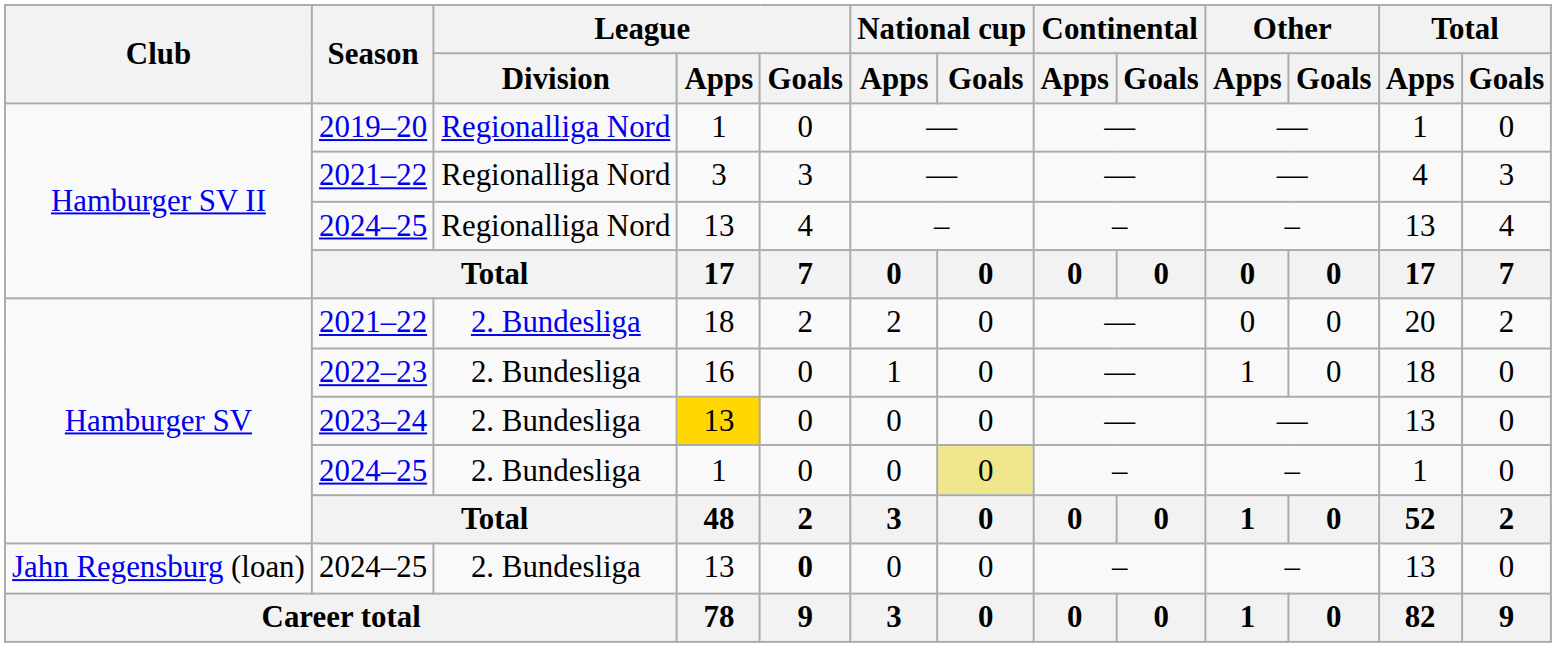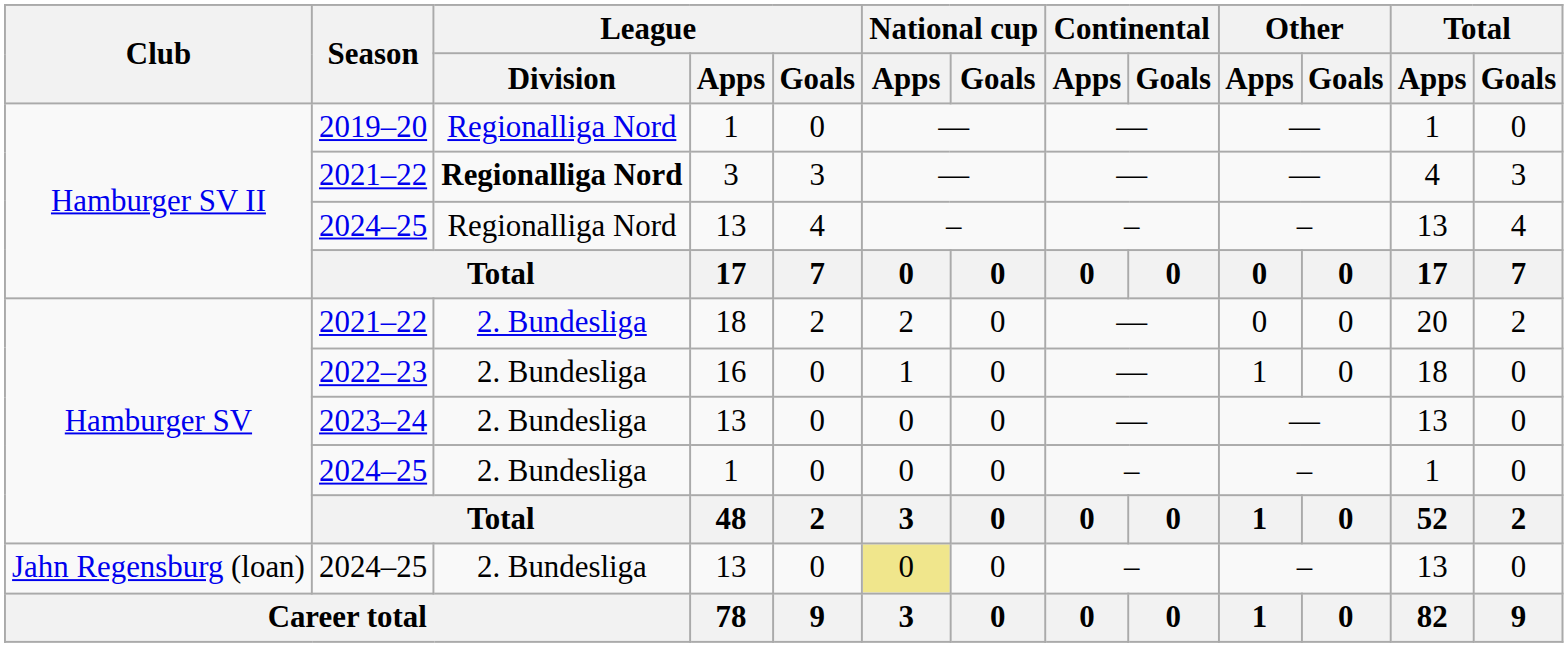 <table class="wikitable" style="text-align:center">
 <tr>
 <th rowspan="2">Club</th>
 <th rowspan="2">Season</th>
 <th colspan="3">League</th>
 <th colspan="2">National cup</th>
 <th colspan="2">Continental</th>
 <th colspan="2">Other</th>
 <th colspan="2">Total</th>
 </tr>
 <tr>
 <th>Division</th>
 <th>Apps</th>
 <th>Goals</th>
 <th>Apps</th>
 <th>Goals</th>
 <th>Apps</th>
 <th>Goals</th>
 <th>Apps</th>
 <th>Goals</th>
 <th>Apps</th>
 <th>Goals</th>
 </tr>
 <tr>
 <td rowspan="4"><a href='#'>Hamburger SV II</a></td>
 <td><a href='#'>2019–20</a></td>
 <td><a href='#'>Regionalliga Nord</a></td>
 <td>1</td>
 <td>0</td>
 <td colspan="2">—</td>
 <td colspan="2">—</td>
 <td colspan="2">—</td>
 <td>1</td>
 <td>0</td>
 </tr>
 <tr>
 <td><a href='#'>2021–22</a></td>
-<td>Regionalliga Nord</td>
+<td><strong>Regionalliga Nord</strong></td>
 <td>3</td>
 <td>3</td>
 <td colspan="2">—</td>
 <td colspan="2">—</td>
 <td colspan="2">—</td>
 <td>4</td>
 <td>3</td>
 </tr>
 <tr>
 <td><a href='#'>2024–25</a></td>
 <td>Regionalliga Nord</td>
 <td>13</td>
 <td>4</td>
 <td colspan=2>–</td>
 <td colspan=2>–</td>
 <td colspan=2>–</td>
 <td>13</td>
 <td>4</td>
 </tr>
 <tr>
 <th colspan="2">Total</th>
 <th>17</th>
 <th>7</th>
 <th>0</th>
 <th>0</th>
 <th>0</th>
 <th>0</th>
 <th>0</th>
 <th>0</th>
 <th>17</th>
 <th>7</th>
 </tr>
 <tr>
 <td rowspan="5"><a href='#'>Hamburger SV</a></td>
 <td><a href='#'>2021–22</a></td>
 <td><a href='#'>2. Bundesliga</a></td>
 <td>18</td>
 <td>2</td>
 <td>2</td>
 <td>0</td>
 <td colspan="2">—</td>
 <td>0</td>
 <td>0</td>
 <td>20</td>
 <td>2</td>
 </tr>
 <tr>
 <td><a href='#'>2022–23</a></td>
 <td>2. Bundesliga</td>
 <td>16</td>
 <td>0</td>
 <td>1</td>
 <td>0</td>
 <td colspan="2">—</td>
 <td>1</td>
 <td>0</td>
 <td>18</td>
 <td>0</td>
 </tr>
 <tr>
 <td><a href='#'>2023–24</a></td>
 <td>2. Bundesliga</td>
-<td style="background: gold;">13</td>
+<td>13</td>
 <td>0</td>
 <td>0</td>
 <td>0</td>
 <td colspan="2">—</td>
 <td colspan="2">—</td>
 <td>13</td>
 <td>0</td>
 </tr>
 <tr>
 <td><a href='#'>2024–25</a></td>
 <td>2. Bundesliga</td>
 <td>1</td>
 <td>0</td>
 <td>0</td>
-<td style="background: khaki;">0</td>
+<td>0</td>
 <td colspan=2>–</td>
 <td colspan=2>–</td>
 <td>1</td>
 <td>0</td>
 </tr>
 <tr>
 <th colspan="2">Total</th>
 <th>48</th>
 <th>2</th>
 <th>3</th>
 <th>0</th>
 <th>0</th>
 <th>0</th>
 <th>1</th>
 <th>0</th>
 <th>52</th>
 <th>2</th>
 </tr>
 <tr>
 <td><a href='#'>Jahn Regensburg</a> (loan)</td>
 <td>2024–25</td>
 <td>2. Bundesliga</td>
 <td>13</td>
-<td><strong>0</strong></td>
 <td>0</td>
+<td style="background: khaki;">0</td>
 <td>0</td>
 <td colspan=2>–</td>
 <td colspan=2>–</td>
 <td>13</td>
 <td>0</td>
 </tr>
 <tr>
 <th colspan="3">Career total</th>
 <th>78</th>
 <th>9</th>
 <th>3</th>
 <th>0</th>
 <th>0</th>
 <th>0</th>
 <th>1</th>
 <th>0</th>
 <th>82</th>
 <th>9</th>
 </tr>
 </table>
